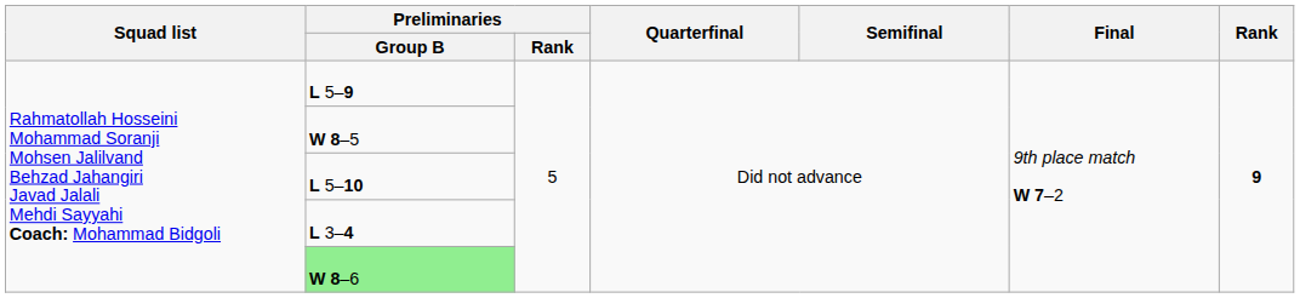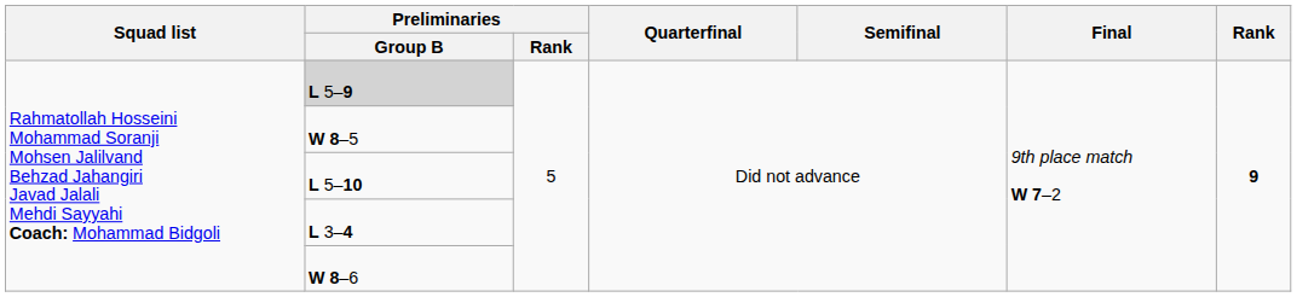 <table class="wikitable" width="85%" style="text-align:left; font-size:90%">
 <tr>
 <th rowspan="2" width="20%">Squad list</th>
 <th colspan="2">Preliminaries</th>
 <th rowspan="2" width="14%">Quarterfinal</th>
 <th rowspan="2" width="14%">Semifinal</th>
 <th rowspan="2" width="14%">Final</th>
 <th rowspan="2" width="5%">Rank</th>
 </tr>
 <tr>
 <th width="14%">Group B</th>
 <th width="5%">Rank</th>
 </tr>
 <tr>
 <td rowspan="5"><a href='#'>Rahmatollah Hosseini</a><br><a href='#'>Mohammad Soranji</a><br><a href='#'>Mohsen Jalilvand</a><br><a href='#'>Behzad Jahangiri</a><br><a href='#'>Javad Jalali</a><br><a href='#'>Mehdi Sayyahi</a><br><strong>Coach:</strong> <a href='#'>Mohammad Bidgoli</a></td>
-<td><br><strong>L</strong> 5–<strong>9</strong></td>
+<td style="background: lightgrey;"><br><strong>L</strong> 5–<strong>9</strong></td>
 <td rowspan="5" align=center>5</td>
 <td rowspan="5" colspan=2 align=center>Did not advance</td>
 <td rowspan="5"><em>9th place match</em><br><br><strong>W</strong> <strong>7</strong>–2</td>
 <td rowspan="5" align="center"><strong>9</strong></td>
 </tr>
 <tr>
 <td><br><strong>W</strong> <strong>8</strong>–5</td>
 </tr>
 <tr>
 <td><br><strong>L</strong> 5–<strong>10</strong></td>
 </tr>
 <tr>
 <td><br><strong>L</strong> 3–<strong>4</strong></td>
 </tr>
 <tr>
-<td style="background: lightgreen;"><br><strong>W</strong> <strong>8</strong>–6</td>
+<td><br><strong>W</strong> <strong>8</strong>–6</td>
 </tr>
 </table>
